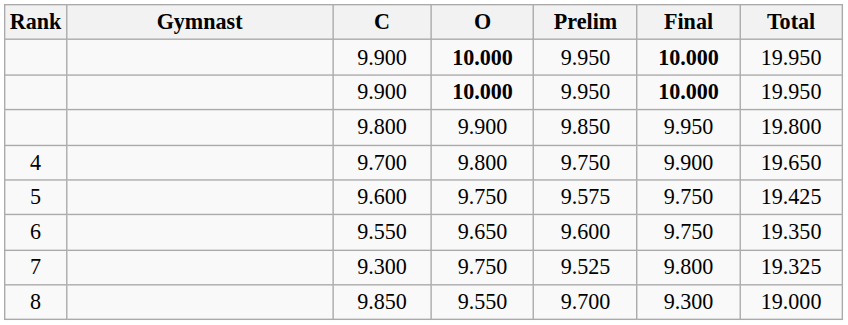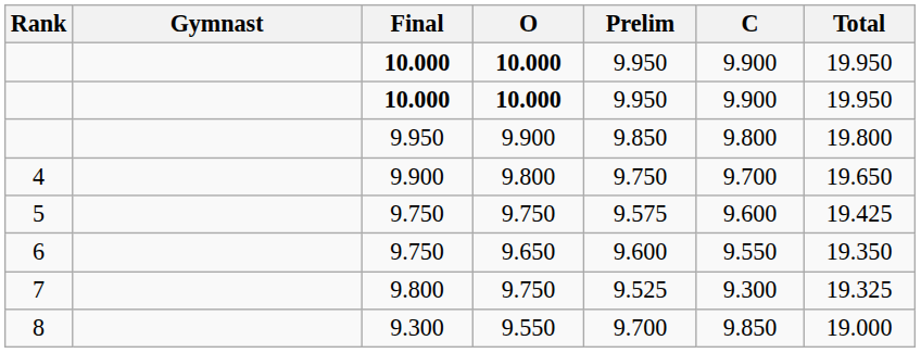 <table class="wikitable" style="text-align:center">
 <tr>
 <th>Rank</th>
 <th style="width:16em">Gymnast</th>
-<th style="width:5em">C</th>
+<th style="width:5em">Final</th>
 <th style="width:5em">O</th>
 <th style="width:5em">Prelim</th>
-<th style="width:5em">Final</th>
+<th style="width:5em">C</th>
 <th style="width:5em">Total</th>
 </tr>
 <tr>
 <td></td>
 <td align=left></td>
-<td>9.900</td>
+<td><strong>10.000</strong></td>
 <td><strong>10.000</strong></td>
 <td>9.950</td>
-<td><strong>10.000</strong></td>
+<td>9.900</td>
 <td>19.950</td>
 </tr>
 <tr>
 <td></td>
 <td align=left></td>
-<td>9.900</td>
+<td><strong>10.000</strong></td>
 <td><strong>10.000</strong></td>
 <td>9.950</td>
-<td><strong>10.000</strong></td>
+<td>9.900</td>
 <td>19.950</td>
 </tr>
 <tr>
 <td></td>
 <td align=left></td>
-<td>9.800</td>
+<td>9.950</td>
 <td>9.900</td>
 <td>9.850</td>
-<td>9.950</td>
+<td>9.800</td>
 <td>19.800</td>
 </tr>
 <tr>
 <td>4</td>
 <td align=left></td>
-<td>9.700</td>
+<td>9.900</td>
 <td>9.800</td>
 <td>9.750</td>
-<td>9.900</td>
+<td>9.700</td>
 <td>19.650</td>
 </tr>
 <tr>
 <td>5</td>
 <td align=left></td>
-<td>9.600</td>
+<td>9.750</td>
 <td>9.750</td>
 <td>9.575</td>
-<td>9.750</td>
+<td>9.600</td>
 <td>19.425</td>
 </tr>
 <tr>
 <td>6</td>
 <td align=left></td>
-<td>9.550</td>
+<td>9.750</td>
 <td>9.650</td>
 <td>9.600</td>
-<td>9.750</td>
+<td>9.550</td>
 <td>19.350</td>
 </tr>
 <tr>
 <td>7</td>
 <td align=left></td>
-<td>9.300</td>
+<td>9.800</td>
 <td>9.750</td>
 <td>9.525</td>
-<td>9.800</td>
+<td>9.300</td>
 <td>19.325</td>
 </tr>
 <tr>
 <td>8</td>
 <td align=left></td>
-<td>9.850</td>
+<td>9.300</td>
 <td>9.550</td>
 <td>9.700</td>
-<td>9.300</td>
+<td>9.850</td>
 <td>19.000</td>
 </tr>
 </table>
